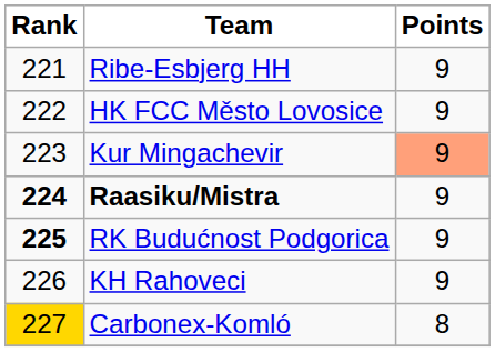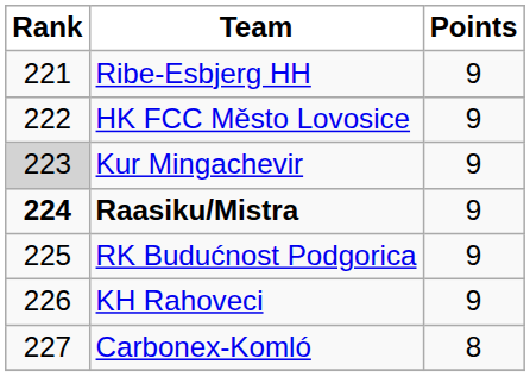 <table class="wikitable" style="text-align: center">
 <tr>
 <th style="color:#000000; background:#FFFFFF">Rank</th>
 <th style="color:#000000; background:#FFFFFF">Team</th>
 <th style="color:#000000; background:#FFFFFF">Points</th>
 </tr>
 <tr>
 <td>221</td>
 <td align=left> <a href='#'>Ribe-Esbjerg HH</a></td>
 <td>9</td>
 </tr>
 <tr>
 <td>222</td>
 <td align=left> <a href='#'>HK FCC Město Lovosice</a></td>
 <td>9</td>
 </tr>
 <tr>
-<td>223</td>
+<td style="background: lightgrey;">223</td>
 <td align=left> <a href='#'>Kur Mingachevir</a></td>
-<td style="background: lightsalmon;">9</td>
+<td>9</td>
 </tr>
 <tr>
 <td><strong>224</strong></td>
 <td align=left> <strong>Raasiku/Mistra</strong></td>
 <td>9</td>
 </tr>
 <tr>
-<td><strong>225</strong></td>
+<td>225</td>
 <td align=left> <a href='#'>RK Budućnost Podgorica</a></td>
 <td>9</td>
 </tr>
 <tr>
 <td>226</td>
 <td align=left> <a href='#'>KH Rahoveci</a></td>
 <td>9</td>
 </tr>
 <tr>
-<td style="background: gold;">227</td>
+<td>227</td>
 <td align=left> <a href='#'>Carbonex-Komló</a></td>
 <td>8</td>
 </tr>
 <tr>
 </tr>
 </table>
